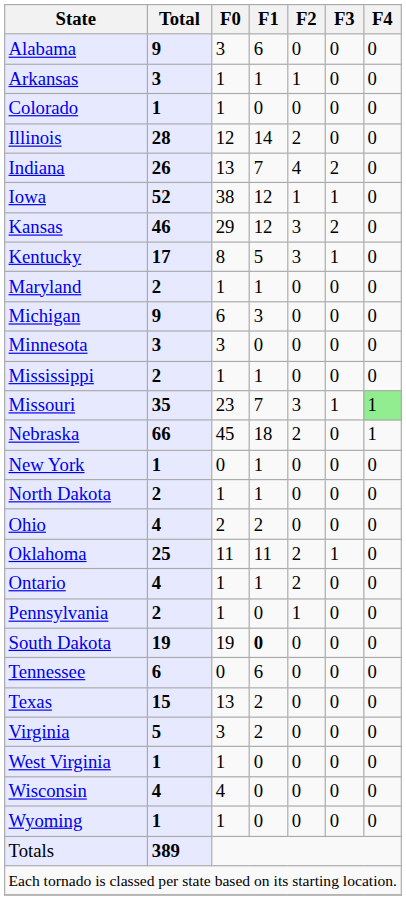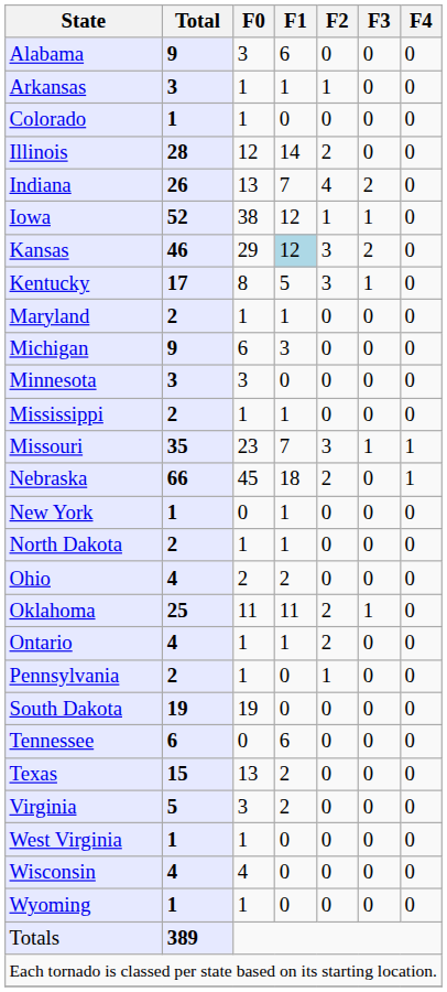 <table class="wikitable" style="margin:0 0 0.5em 1em;float:right;">
 <tr>
 <th><strong>State</strong></th>
 <th><strong>Total</strong></th>
 <th><strong>F0</strong></th>
 <th><strong>F1</strong></th>
 <th><strong>F2</strong></th>
 <th><strong>F3</strong></th>
 <th><strong>F4</strong></th>
 </tr>
 <tr>
 <td rowspan=1 bgcolor="#e6e9ff"><a href='#'>Alabama</a></td>
 <td rowspan=1 bgcolor="#e6e9ff"><strong>9</strong></td>
 <td>3</td>
 <td>6</td>
 <td>0</td>
 <td>0</td>
 <td>0</td>
 </tr>
 <tr>
 <td rowspan=1 bgcolor="#e6e9ff"><a href='#'>Arkansas</a></td>
 <td rowspan=1 bgcolor="#e6e9ff"><strong>3</strong></td>
 <td>1</td>
 <td>1</td>
 <td>1</td>
 <td>0</td>
 <td>0</td>
 </tr>
 <tr>
 <td rowspan=1 bgcolor="#e6e9ff"><a href='#'>Colorado</a></td>
 <td rowspan=1 bgcolor="#e6e9ff"><strong>1</strong></td>
 <td>1</td>
 <td>0</td>
 <td>0</td>
 <td>0</td>
 <td>0</td>
 </tr>
 <tr>
 <td rowspan=1 bgcolor="#e6e9ff"><a href='#'>Illinois</a></td>
 <td rowspan=1 bgcolor="#e6e9ff"><strong>28</strong></td>
 <td>12</td>
 <td>14</td>
 <td>2</td>
 <td>0</td>
 <td>0</td>
 </tr>
 <tr>
 <td rowspan=1 bgcolor="#e6e9ff"><a href='#'>Indiana</a></td>
 <td rowspan=1 bgcolor="#e6e9ff"><strong>26</strong></td>
 <td>13</td>
 <td>7</td>
 <td>4</td>
 <td>2</td>
 <td>0</td>
 </tr>
 <tr>
 <td rowspan=1 bgcolor="#e6e9ff"><a href='#'>Iowa</a></td>
 <td rowspan=1 bgcolor="#e6e9ff"><strong>52</strong></td>
 <td>38</td>
 <td>12</td>
 <td>1</td>
 <td>1</td>
 <td>0</td>
 </tr>
 <tr>
 <td rowspan=1 bgcolor="#e6e9ff"><a href='#'>Kansas</a></td>
 <td rowspan=1 bgcolor="#e6e9ff"><strong>46</strong></td>
 <td>29</td>
-<td>12</td>
+<td style="background: lightblue;">12</td>
 <td>3</td>
 <td>2</td>
 <td>0</td>
 </tr>
 <tr>
 <td rowspan=1 bgcolor="#e6e9ff"><a href='#'>Kentucky</a></td>
 <td rowspan=1 bgcolor="#e6e9ff"><strong>17</strong></td>
 <td>8</td>
 <td>5</td>
 <td>3</td>
 <td>1</td>
 <td>0</td>
 </tr>
 <tr>
 <td rowspan=1 bgcolor="#e6e9ff"><a href='#'>Maryland</a></td>
 <td rowspan=1 bgcolor="#e6e9ff"><strong>2</strong></td>
 <td>1</td>
 <td>1</td>
 <td>0</td>
 <td>0</td>
 <td>0</td>
 </tr>
 <tr>
 <td rowspan=1 bgcolor="#e6e9ff"><a href='#'>Michigan</a></td>
 <td rowspan=1 bgcolor="#e6e9ff"><strong>9</strong></td>
 <td>6</td>
 <td>3</td>
 <td>0</td>
 <td>0</td>
 <td>0</td>
 </tr>
 <tr>
 <td rowspan=1 bgcolor="#e6e9ff"><a href='#'>Minnesota</a></td>
 <td rowspan=1 bgcolor="#e6e9ff"><strong>3</strong></td>
 <td>3</td>
 <td>0</td>
 <td>0</td>
 <td>0</td>
 <td>0</td>
 </tr>
 <tr>
 <td rowspan=1 bgcolor="#e6e9ff"><a href='#'>Mississippi</a></td>
 <td rowspan=1 bgcolor="#e6e9ff"><strong>2</strong></td>
 <td>1</td>
 <td>1</td>
 <td>0</td>
 <td>0</td>
 <td>0</td>
 </tr>
 <tr>
 <td rowspan=1 bgcolor="#e6e9ff"><a href='#'>Missouri</a></td>
 <td rowspan=1 bgcolor="#e6e9ff"><strong>35</strong></td>
 <td>23</td>
 <td>7</td>
 <td>3</td>
 <td>1</td>
-<td style="background: lightgreen;">1</td>
+<td>1</td>
 </tr>
 <tr>
 <td rowspan=1 bgcolor="#e6e9ff"><a href='#'>Nebraska</a></td>
 <td rowspan=1 bgcolor="#e6e9ff"><strong>66</strong></td>
 <td>45</td>
 <td>18</td>
 <td>2</td>
 <td>0</td>
 <td>1</td>
 </tr>
 <tr>
 <td rowspan=1 bgcolor="#e6e9ff"><a href='#'>New York</a></td>
 <td rowspan=1 bgcolor="#e6e9ff"><strong>1</strong></td>
 <td>0</td>
 <td>1</td>
 <td>0</td>
 <td>0</td>
 <td>0</td>
 </tr>
 <tr>
 <td rowspan=1 bgcolor="#e6e9ff"><a href='#'>North Dakota</a></td>
 <td rowspan=1 bgcolor="#e6e9ff"><strong>2</strong></td>
 <td>1</td>
 <td>1</td>
 <td>0</td>
 <td>0</td>
 <td>0</td>
 </tr>
 <tr>
 <td rowspan=1 bgcolor="#e6e9ff"><a href='#'>Ohio</a></td>
 <td rowspan=1 bgcolor="#e6e9ff"><strong>4</strong></td>
 <td>2</td>
 <td>2</td>
 <td>0</td>
 <td>0</td>
 <td>0</td>
 </tr>
 <tr>
 <td rowspan=1 bgcolor="#e6e9ff"><a href='#'>Oklahoma</a></td>
 <td rowspan=1 bgcolor="#e6e9ff"><strong>25</strong></td>
 <td>11</td>
 <td>11</td>
 <td>2</td>
 <td>1</td>
 <td>0</td>
 </tr>
 <tr>
 <td rowspan=1 bgcolor="#e6e9ff"><a href='#'>Ontario</a></td>
 <td rowspan=1 bgcolor="#e6e9ff"><strong>4</strong></td>
 <td>1</td>
 <td>1</td>
 <td>2</td>
 <td>0</td>
 <td>0</td>
 </tr>
 <tr>
 <td rowspan=1 bgcolor="#e6e9ff"><a href='#'>Pennsylvania</a></td>
 <td rowspan=1 bgcolor="#e6e9ff"><strong>2</strong></td>
 <td>1</td>
 <td>0</td>
 <td>1</td>
 <td>0</td>
 <td>0</td>
 </tr>
 <tr>
 <td rowspan=1 bgcolor="#e6e9ff"><a href='#'>South Dakota</a></td>
 <td rowspan=1 bgcolor="#e6e9ff"><strong>19</strong></td>
 <td>19</td>
-<td><strong>0</strong></td>
+<td>0</td>
 <td>0</td>
 <td>0</td>
 <td>0</td>
 </tr>
 <tr>
 <td rowspan=1 bgcolor="#e6e9ff"><a href='#'>Tennessee</a></td>
 <td rowspan=1 bgcolor="#e6e9ff"><strong>6</strong></td>
 <td>0</td>
 <td>6</td>
 <td>0</td>
 <td>0</td>
 <td>0</td>
 </tr>
 <tr>
 <td rowspan=1 bgcolor="#e6e9ff"><a href='#'>Texas</a></td>
 <td rowspan=1 bgcolor="#e6e9ff"><strong>15</strong></td>
 <td>13</td>
 <td>2</td>
 <td>0</td>
 <td>0</td>
 <td>0</td>
 </tr>
 <tr>
 <td rowspan=1 bgcolor="#e6e9ff"><a href='#'>Virginia</a></td>
 <td rowspan=1 bgcolor="#e6e9ff"><strong>5</strong></td>
 <td>3</td>
 <td>2</td>
 <td>0</td>
 <td>0</td>
 <td>0</td>
 </tr>
 <tr>
 <td rowspan=1 bgcolor="#e6e9ff"><a href='#'>West Virginia</a></td>
 <td rowspan=1 bgcolor="#e6e9ff"><strong>1</strong></td>
 <td>1</td>
 <td>0</td>
 <td>0</td>
 <td>0</td>
 <td>0</td>
 </tr>
 <tr>
 <td rowspan=1 bgcolor="#e6e9ff"><a href='#'>Wisconsin</a></td>
 <td rowspan=1 bgcolor="#e6e9ff"><strong>4</strong></td>
 <td>4</td>
 <td>0</td>
 <td>0</td>
 <td>0</td>
 <td>0</td>
 </tr>
 <tr>
 <td rowspan=1 bgcolor="#e6e9ff"><a href='#'>Wyoming</a></td>
 <td rowspan=1 bgcolor="#e6e9ff"><strong>1</strong></td>
 <td>1</td>
 <td>0</td>
 <td>0</td>
 <td>0</td>
 <td>0</td>
 </tr>
 <tr>
 <td bgcolor="#e6e9ff">Totals</td>
 <td bgcolor="#e6e9ff"><strong>389</strong></td>
 <td colspan=5></td>
 </tr>
 <tr>
 <td colspan=7 align=center><small>Each tornado is classed per state based on its starting location.</small></td>
 </tr>
 <tr>
 </tr>
 </table>
